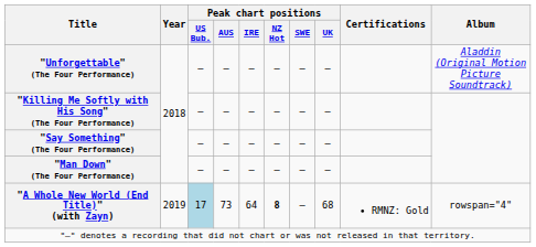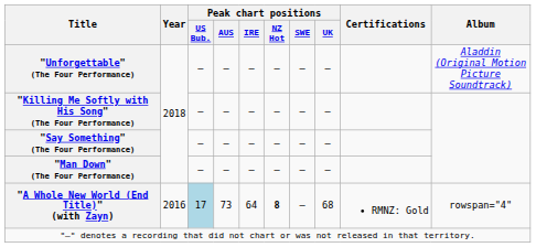 <table class="wikitable plainrowheaders" style="text-align:center;">
 <tr>
 <th scope="col" rowspan="2" style="width:16em;">Title</th>
 <th scope="col" rowspan="2" style="width:1em;">Year</th>
 <th scope="col" colspan="6">Peak chart positions</th>
 <th scope="col" rowspan="2">Certifications</th>
 <th scope="col" rowspan="2" style="width:10em;">Album</th>
 </tr>
 <tr>
 <th scope="col" style="width:2.5em;font-size:90%;"><a href='#'>US<br>Bub.</a><br></th>
 <th scope="col" style="width:2.5em;font-size:90%;"><a href='#'>AUS</a><br></th>
 <th scope="col" style="width:2.5em;font-size:90%;"><a href='#'>IRE</a><br></th>
 <th scope="col" style="width:2.5em;font-size:90%;"><a href='#'>NZ<br>Hot</a><br></th>
 <th scope="col" style="width:2.5em;font-size:90%;"><a href='#'>SWE</a><br></th>
 <th scope="col" style="width:2.5em;font-size:90%;"><a href='#'>UK</a><br></th>
 </tr>
 <tr>
 <th scope="row">"<a href='#'>Unforgettable</a>"<br><small>(The Four Performance)</small></th>
 <td rowspan="4">2018</td>
 <td>—</td>
 <td>—</td>
 <td>—</td>
 <td>—</td>
 <td>—</td>
 <td>—</td>
 <td></td>
 <td><em><a href='#'>Aladdin (Original Motion Picture Soundtrack)</a></em></td>
 </tr>
 <tr>
 <th scope="row">"<a href='#'>Killing Me Softly with His Song</a>"<br><small>(The Four Performance)</small></th>
 <td>—</td>
 <td>—</td>
 <td>—</td>
 <td>—</td>
 <td>—</td>
 <td>—</td>
 <td></td>
 </tr>
 <tr>
 <th scope="row">"<a href='#'>Say Something</a>"<br><small>(The Four Performance)</small></th>
 <td>—</td>
 <td>—</td>
 <td>—</td>
 <td>—</td>
 <td>—</td>
 <td>—</td>
 <td></td>
 </tr>
 <tr>
 <th scope="row">"<a href='#'>Man Down</a>"<br><small>(The Four Performance)</small></th>
 <td>—</td>
 <td>—</td>
 <td>—</td>
 <td>—</td>
 <td>—</td>
 <td>—</td>
 <td></td>
 </tr>
 <tr>
 <th scope="row">"<a href='#'>A Whole New World (End Title)</a>"<br><span>(with <a href='#'>Zayn</a>)</span></th>
-<td>2019</td>
+<td>2016</td>
 <td style="background: lightblue;">17</td>
 <td>73</td>
 <td>64<br></td>
 <td><strong>8</strong></td>
 <td>—</td>
 <td>68</td>
 <td><br><ul><li>RMNZ: Gold</li></ul></td>
 <td>rowspan="4" </td>
 </tr>
 <tr>
 <td colspan="13" style="font-size:90%">"—" denotes a recording that did not chart or was not released in that territory.</td>
 </tr>
 </table>
